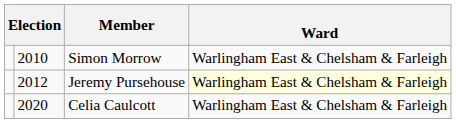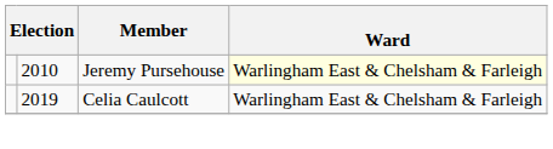 <table class="wikitable">
 <tr>
 <th colspan="2">Election</th>
 <th>Member</th>
 <th><br>Ward</th>
 </tr>
 <tr>
 <td style="background-color: "></td>
 <td>2010</td>
-<td>Simon Morrow</td>
-<td>Warlingham East & Chelsham & Farleigh</td>
-</tr>
-<tr>
-<td style="background-color: "></td>
-<td>2012</td>
 <td>Jeremy Pursehouse</td>
 <td style="background: lightyellow;">Warlingham East & Chelsham & Farleigh</td>
 </tr>
 <tr>
 <td style="background-color: "></td>
-<td>2020</td>
+<td>2019</td>
 <td>Celia Caulcott</td>
 <td>Warlingham East & Chelsham & Farleigh</td>
 </tr>
 <tr>
 </tr>
 </table>
